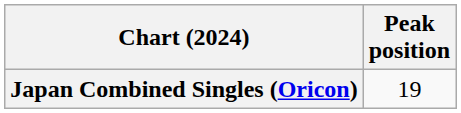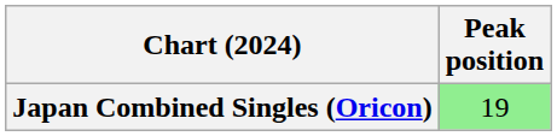 <table class="wikitable sortable plainrowheaders" style="text-align:center">
 <tr>
 <th scope="col">Chart (2024)</th>
 <th scope="col">Peak<br>position</th>
 </tr>
 <tr>
 <th scope="row">Japan Combined Singles (<a href='#'>Oricon</a>)</th>
-<td>19</td>
+<td style="background: lightgreen;">19</td>
 </tr>
 </table>
